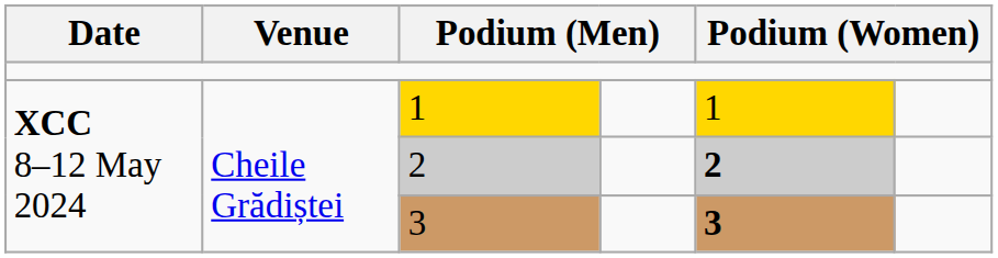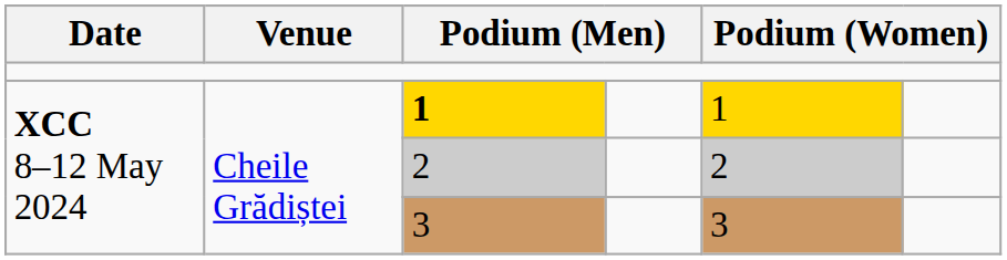 <table class="wikitable" width=70%>
 <tr>
 <th>Date</th>
 <th width=20%>Venue</th>
 <th colspan=2 width=30%>Podium (Men)</th>
 <th colspan=2 width=30%>Podium (Women)</th>
 </tr>
 <tr>
 <td colspan=6></td>
 </tr>
 <tr>
 <td rowspan=3><strong>XCC</strong> <br> 8–12 May 2024</td>
 <td rowspan=3><br><a href='#'>Cheile Grădiștei</a></td>
-<td bgcolor=FFD700>1</td>
+<td bgcolor=FFD700><strong>1</strong></td>
 <td></td>
 <td bgcolor=FFD700>1</td>
 <td></td>
 </tr>
 <tr>
 <td bgcolor=CCCCCC>2</td>
 <td></td>
-<td bgcolor=CCCCCC><strong>2</strong></td>
+<td bgcolor=CCCCCC>2</td>
 <td></td>
 </tr>
 <tr>
 <td bgcolor=CC9966>3</td>
 <td></td>
-<td bgcolor=CC9966><strong>3</strong></td>
+<td bgcolor=CC9966>3</td>
 <td></td>
 </tr>
 </table>
